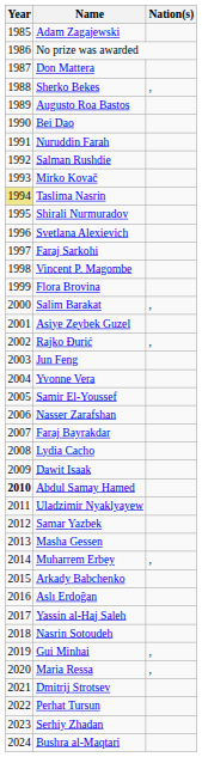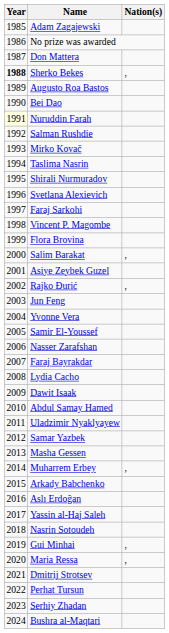 <table class="wikitable">
 <tr>
 <th>Year</th>
 <th>Name</th>
 <th>Nation(s)</th>
 </tr>
 <tr>
 <td>1985</td>
 <td><a href='#'>Adam Zagajewski</a></td>
 <td></td>
 </tr>
 <tr>
 <td>1986</td>
 <td colspan="2">No prize was awarded</td>
 </tr>
 <tr>
 <td>1987</td>
 <td><a href='#'>Don Mattera</a></td>
 <td></td>
 </tr>
 <tr>
-<td>1988</td>
+<td><strong>1988</strong></td>
 <td><a href='#'>Sherko Bekes</a></td>
 <td>, </td>
 </tr>
 <tr>
 <td>1989</td>
 <td><a href='#'>Augusto Roa Bastos</a></td>
 <td></td>
 </tr>
 <tr>
 <td>1990</td>
 <td><a href='#'>Bei Dao</a></td>
 <td></td>
 </tr>
 <tr>
-<td>1991</td>
+<td style="background: lightyellow;">1991</td>
 <td><a href='#'>Nuruddin Farah</a></td>
 <td></td>
 </tr>
 <tr>
 <td>1992</td>
 <td><a href='#'>Salman Rushdie</a></td>
 <td></td>
 </tr>
 <tr>
 <td>1993</td>
 <td><a href='#'>Mirko Kovač</a></td>
 <td></td>
 </tr>
 <tr>
-<td style="background: khaki;">1994</td>
+<td>1994</td>
 <td><a href='#'>Taslima Nasrin</a></td>
 <td></td>
 </tr>
 <tr>
 <td>1995</td>
 <td><a href='#'>Shirali Nurmuradov</a></td>
 <td></td>
 </tr>
 <tr>
 <td>1996</td>
 <td><a href='#'>Svetlana Alexievich</a></td>
 <td></td>
 </tr>
 <tr>
 <td>1997</td>
 <td><a href='#'>Faraj Sarkohi</a></td>
 <td></td>
 </tr>
 <tr>
 <td>1998</td>
 <td><a href='#'>Vincent P. Magombe</a></td>
 <td></td>
 </tr>
 <tr>
 <td>1999</td>
 <td><a href='#'>Flora Brovina</a></td>
 <td></td>
 </tr>
 <tr>
 <td>2000</td>
 <td><a href='#'>Salim Barakat</a></td>
 <td>, </td>
 </tr>
 <tr>
 <td>2001</td>
 <td><a href='#'>Asiye Zeybek Guzel</a></td>
 <td></td>
 </tr>
 <tr>
 <td>2002</td>
 <td><a href='#'>Rajko Đurić</a></td>
 <td>, </td>
 </tr>
 <tr>
 <td>2003</td>
 <td><a href='#'>Jun Feng</a></td>
 <td></td>
 </tr>
 <tr>
 <td>2004</td>
 <td><a href='#'>Yvonne Vera</a></td>
 <td></td>
 </tr>
 <tr>
 <td>2005</td>
 <td><a href='#'>Samir El-Youssef</a></td>
 <td></td>
 </tr>
 <tr>
 <td>2006</td>
 <td><a href='#'>Nasser Zarafshan</a></td>
 <td></td>
 </tr>
 <tr>
 <td>2007</td>
 <td><a href='#'>Faraj Bayrakdar</a></td>
 <td></td>
 </tr>
 <tr>
 <td>2008</td>
 <td><a href='#'>Lydia Cacho</a></td>
 <td></td>
 </tr>
 <tr>
 <td>2009</td>
 <td><a href='#'>Dawit Isaak</a></td>
 <td></td>
 </tr>
 <tr>
-<td><strong>2010</strong></td>
+<td>2010</td>
 <td><a href='#'>Abdul Samay Hamed</a></td>
 <td></td>
 </tr>
 <tr>
 <td>2011</td>
 <td><a href='#'>Uladzimir Nyaklyayew</a></td>
 <td></td>
 </tr>
 <tr>
 <td>2012</td>
 <td><a href='#'>Samar Yazbek</a></td>
 <td></td>
 </tr>
 <tr>
 <td>2013</td>
 <td><a href='#'>Masha Gessen</a></td>
 <td></td>
 </tr>
 <tr>
 <td>2014</td>
 <td><a href='#'>Muharrem Erbey</a></td>
 <td>, </td>
 </tr>
 <tr>
 <td>2015</td>
 <td><a href='#'>Arkady Babchenko</a></td>
 <td></td>
 </tr>
 <tr>
 <td>2016</td>
 <td><a href='#'>Aslı Erdoğan</a></td>
 <td></td>
 </tr>
 <tr>
 <td>2017</td>
 <td><a href='#'>Yassin al-Haj Saleh</a></td>
 <td></td>
 </tr>
 <tr>
 <td>2018</td>
 <td><a href='#'>Nasrin Sotoudeh</a></td>
 <td></td>
 </tr>
 <tr>
 <td>2019</td>
 <td><a href='#'>Gui Minhai</a></td>
 <td>, </td>
 </tr>
 <tr>
 <td>2020</td>
 <td><a href='#'>Maria Ressa</a></td>
 <td>, </td>
 </tr>
 <tr>
 <td>2021</td>
 <td><a href='#'>Dmitrij Strotsev</a></td>
 <td></td>
 </tr>
 <tr>
 <td>2022</td>
 <td><a href='#'>Perhat Tursun</a></td>
 <td></td>
 </tr>
 <tr>
 <td>2023</td>
 <td><a href='#'>Serhiy Zhadan</a></td>
 <td></td>
 </tr>
 <tr>
 <td>2024</td>
 <td><a href='#'>Bushra al-Maqtari</a></td>
 <td></td>
 </tr>
 </table>
